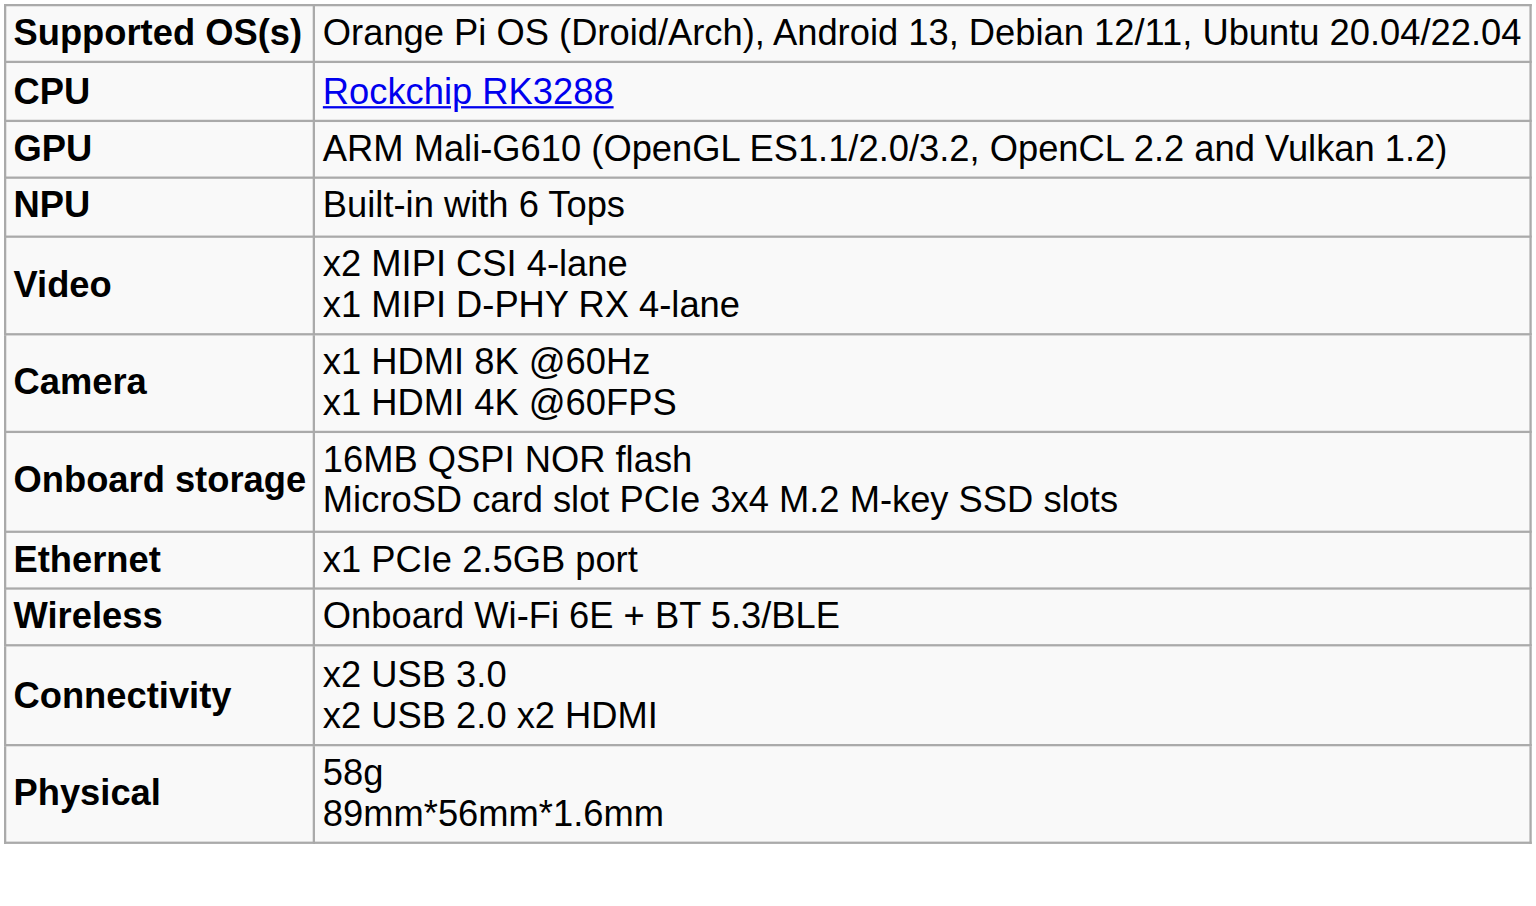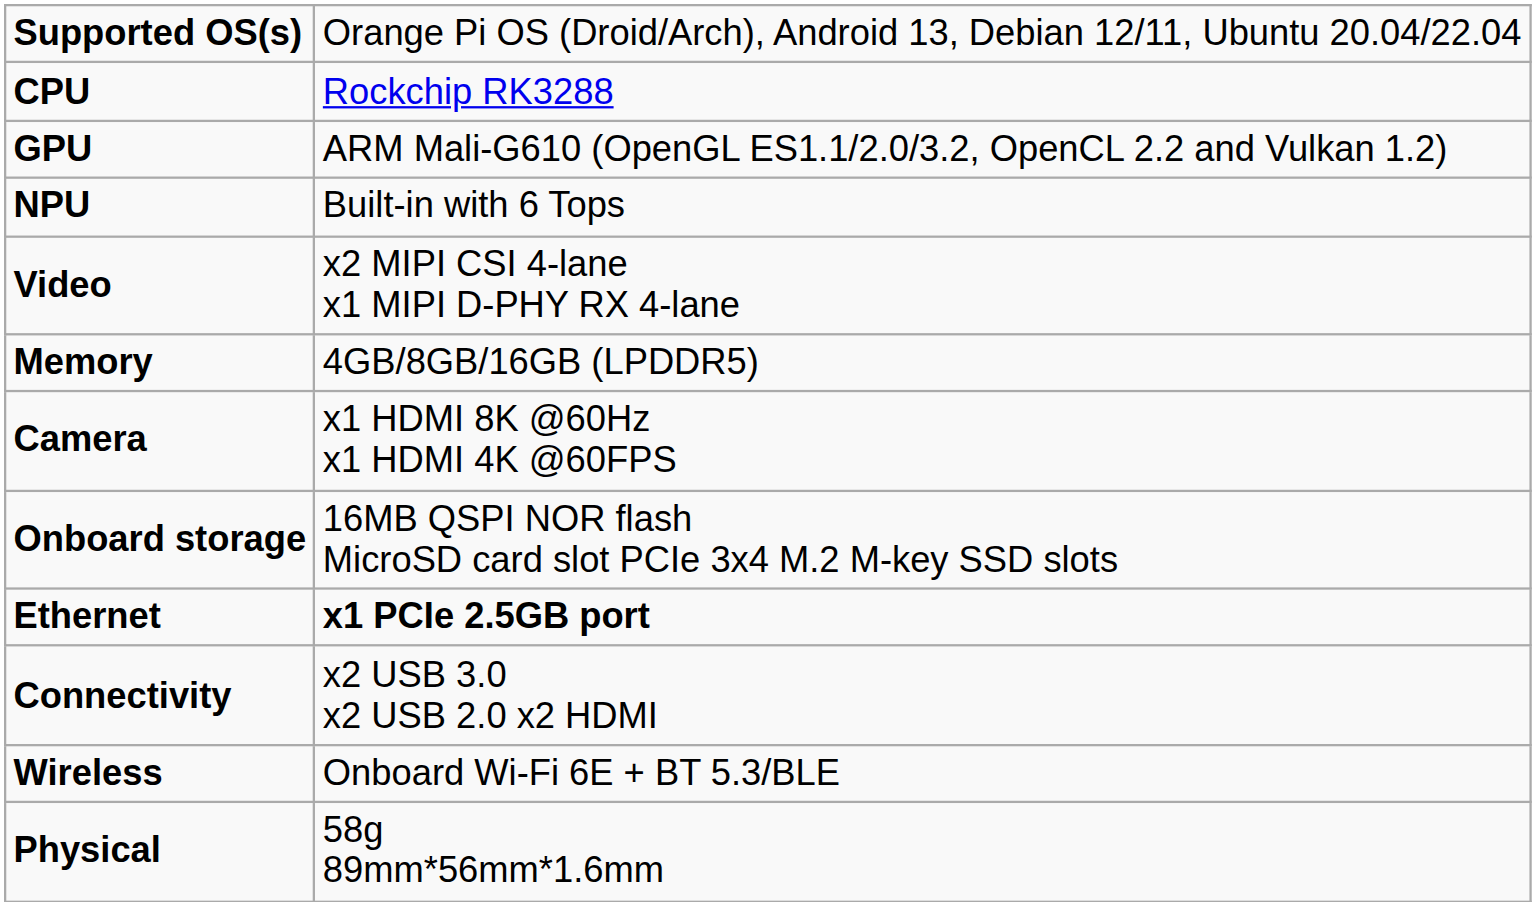 <table class="wikitable">
 <tr>
 <td><strong>Supported OS(s)</strong></td>
 <td>Orange Pi OS (Droid/Arch), Android 13, Debian 12/11, Ubuntu 20.04/22.04</td>
 </tr>
 <tr>
 <td><strong>CPU</strong></td>
 <td><a href='#'>Rockchip RK3288</a></td>
 </tr>
 <tr>
 <td><strong>GPU</strong></td>
 <td>ARM Mali-G610 (OpenGL ES1.1/2.0/3.2, OpenCL 2.2 and Vulkan 1.2)</td>
 </tr>
 <tr>
 <td><strong>NPU</strong></td>
 <td>Built-in with 6 Tops</td>
 </tr>
 <tr>
 <td><strong>Video</strong></td>
 <td>x2 MIPI CSI 4-lane<br>x1 MIPI D-PHY RX 4-lane</td>
 </tr>
 <tr>
+<td><strong>Memory</strong></td>
+<td>4GB/8GB/16GB (LPDDR5)</td>
+</tr>
+<tr>
 <td><strong>Camera</strong></td>
 <td>x1 HDMI 8K @60Hz<br>x1 HDMI 4K @60FPS</td>
 </tr>
 <tr>
 <td><strong>Onboard storage</strong></td>
 <td>16MB QSPI NOR flash<br>MicroSD card slot PCIe 3x4 M.2 M-key SSD slots</td>
 </tr>
 <tr>
 <td><strong>Ethernet</strong></td>
-<td>x1 PCIe 2.5GB port</td>
+<td><strong>x1 PCIe 2.5GB port</strong></td>
+</tr>
+<tr>
+<td><strong>Connectivity</strong></td>
+<td>x2 USB 3.0<br>x2 USB 2.0 x2 HDMI</td>
 </tr>
 <tr>
 <td><strong>Wireless</strong></td>
 <td>Onboard Wi-Fi 6E + BT 5.3/BLE</td>
 </tr>
 <tr>
-<td><strong>Connectivity</strong></td>
-<td>x2 USB 3.0<br>x2 USB 2.0 x2 HDMI</td>
-</tr>
-<tr>
 <td><strong>Physical</strong></td>
 <td>58g<br>89mm*56mm*1.6mm</td>
 </tr>
 </table>
